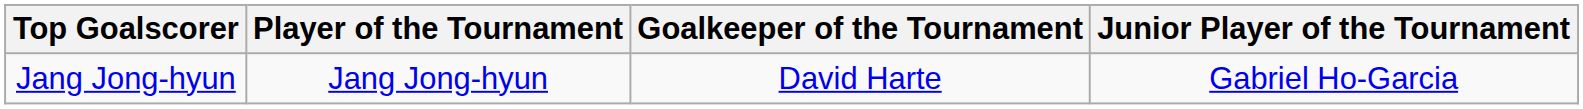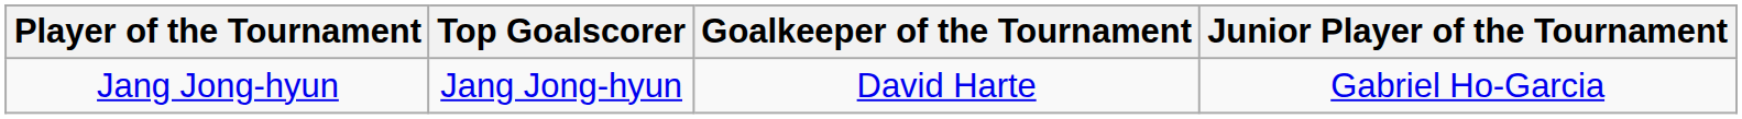 <table class=wikitable style="margin:auto; text-align:center">
 <tr>
+<th>Player of the Tournament</th>
 <th>Top Goalscorer</th>
-<th>Player of the Tournament</th>
 <th>Goalkeeper of the Tournament</th>
 <th>Junior Player of the Tournament</th>
 </tr>
 <tr>
 <td> <a href='#'>Jang Jong-hyun</a></td>
 <td> <a href='#'>Jang Jong-hyun</a></td>
 <td> <a href='#'>David Harte</a></td>
 <td> <a href='#'>Gabriel Ho-Garcia</a></td>
 </tr>
 </table>
